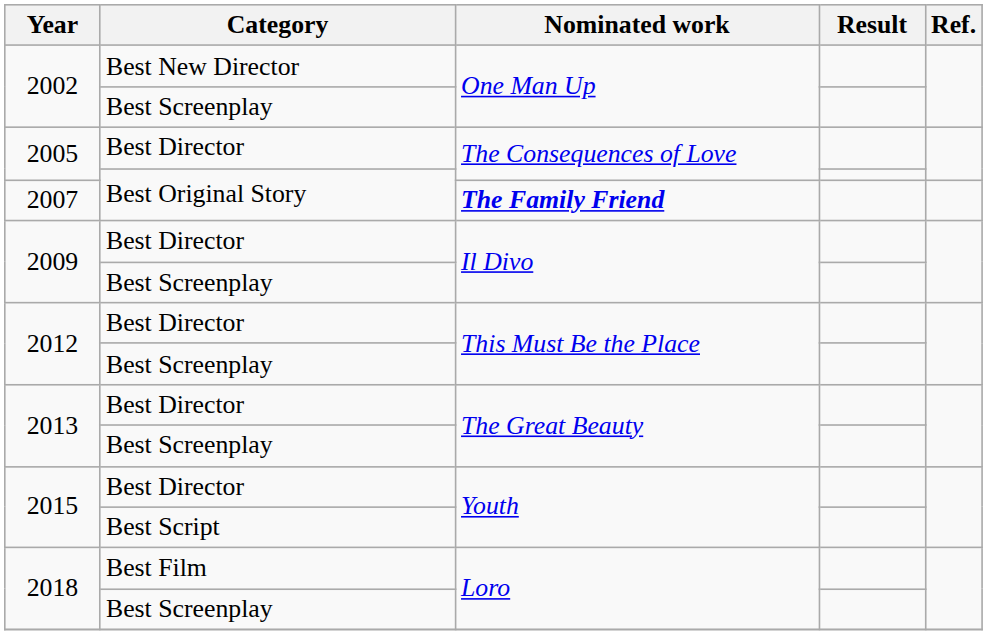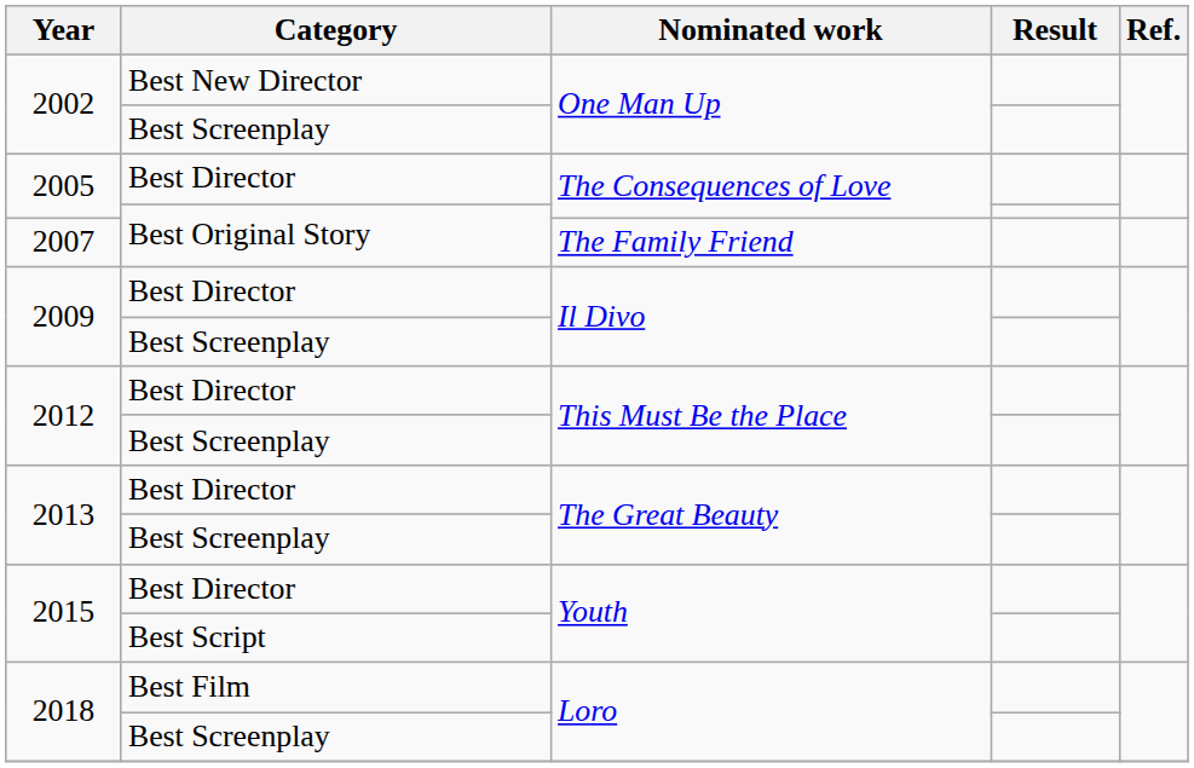 <table class=wikitable>
 <tr>
 <th scope="col" style="width:5em;">Year</th>
 <th scope="col" style="width:26em;">Category</th>
 <th scope="col" style="width:25em;">Nominated work</th>
 <th scope="col" style="width:5em;">Result</th>
 <th>Ref.</th>
 </tr>
 <tr>
 <td style="text-align:center;", rowspan="2">2002</td>
 <td>Best New Director</td>
 <td rowspan="2"><em><a href='#'>One Man Up</a></em></td>
 <td></td>
 <td rowspan=2></td>
 </tr>
 <tr>
 <td>Best Screenplay</td>
 <td></td>
 </tr>
 <tr>
 <td style="text-align:center;", rowspan="2">2005</td>
 <td>Best Director</td>
 <td rowspan="2"><em><a href='#'>The Consequences of Love</a></em></td>
 <td></td>
 <td rowspan=2></td>
 </tr>
 <tr>
 <td rowspan="2">Best Original Story</td>
 <td></td>
 </tr>
 <tr>
 <td style="text-align:center;", rowspan="1">2007</td>
-<td rowspan="1"><strong><em><a href='#'>The Family Friend</a></em></strong></td>
+<td rowspan="1"><em><a href='#'>The Family Friend</a></em></td>
 <td></td>
 <td></td>
 </tr>
 <tr>
 <td style="text-align:center;", rowspan="2">2009</td>
 <td>Best Director</td>
 <td rowspan="2"><em><a href='#'>Il Divo</a></em></td>
 <td></td>
 <td rowspan=2></td>
 </tr>
 <tr>
 <td>Best Screenplay</td>
 <td></td>
 </tr>
 <tr>
 <td style="text-align:center;", rowspan="2">2012</td>
 <td>Best Director</td>
 <td rowspan="2"><em><a href='#'>This Must Be the Place</a></em></td>
 <td></td>
 <td rowspan=2></td>
 </tr>
 <tr>
 <td>Best Screenplay</td>
 <td></td>
 </tr>
 <tr>
 <td style="text-align:center;", rowspan="2">2013</td>
 <td>Best Director</td>
 <td rowspan="2"><em><a href='#'>The Great Beauty</a></em></td>
 <td></td>
 <td rowspan=2></td>
 </tr>
 <tr>
 <td>Best Screenplay</td>
 <td></td>
 </tr>
 <tr>
 <td style="text-align:center;", rowspan="2">2015</td>
 <td>Best Director</td>
 <td rowspan="2"><em><a href='#'>Youth</a></em></td>
 <td></td>
 <td rowspan=2></td>
 </tr>
 <tr>
 <td>Best Script</td>
 <td></td>
 </tr>
 <tr>
 <td style="text-align:center;", rowspan="2">2018</td>
 <td>Best Film</td>
 <td rowspan="2"><em><a href='#'>Loro</a></em></td>
 <td></td>
 <td rowspan=2></td>
 </tr>
 <tr>
 <td>Best Screenplay</td>
 <td></td>
 </tr>
 <tr>
 </tr>
 </table>
